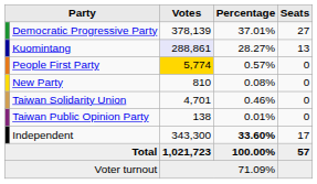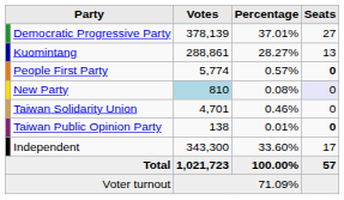 <table class="wikitable">
 <tr>
 <th style="background-color:#E9E9E9" colspan=2 style="width: 20em">Party</th>
 <th style="background-color:#E9E9E9" style="width: 7em">Votes</th>
 <th style="background-color:#E9E9E9" style="width: 7em">Percentage</th>
 <th style="background-color:#E9E9E9" style="width: 7em">Seats</th>
 </tr>
 <tr>
 <td bgcolor="#1B9431"></td>
 <td align=left><a href='#'>Democratic Progressive Party</a></td>
 <td align=right>378,139</td>
 <td align=right>37.01%</td>
 <td align=right>27</td>
 </tr>
 <tr>
 <td bgcolor="#000099"></td>
 <td align=left><a href='#'>Kuomintang</a></td>
-<td align=right style="background: lavender;">288,861</td>
+<td align=right>288,861</td>
 <td align=right>28.27%</td>
 <td align=right>13</td>
 </tr>
 <tr>
 <td bgcolor="#e77918"></td>
 <td align=left><a href='#'>People First Party</a></td>
-<td align=right style="background: gold;">5,774</td>
+<td align=right>5,774</td>
 <td align=right>0.57%</td>
-<td align=right>0</td>
+<td align=right><strong>0</strong></td>
 </tr>
 <tr>
 <td bgcolor="#fedb02"></td>
 <td align=left><a href='#'>New Party</a></td>
-<td align=right>810</td>
+<td align=right style="background: lightblue;">810</td>
 <td align=right>0.08%</td>
-<td align=right>0</td>
+<td align=right style="background: lavender;">0</td>
 </tr>
 <tr>
 <td bgcolor="#d09e51"></td>
 <td align=left><a href='#'>Taiwan Solidarity Union</a></td>
 <td align=right>4,701</td>
 <td align=right>0.46%</td>
 <td align=right>0</td>
 </tr>
 <tr>
 <td bgcolor="#82247a"></td>
 <td align=left><a href='#'>Taiwan Public Opinion Party</a></td>
 <td align=right>138</td>
 <td align=right>0.01%</td>
-<td align=right>0</td>
+<td align=right><strong>0</strong></td>
 </tr>
 <tr>
 <td bgcolor="#000000"></td>
 <td align=left>Independent</td>
 <td align=right>343,300</td>
-<td align=right><strong>33.60%</strong></td>
+<td align=right>33.60%</td>
 <td align=right>17</td>
 </tr>
 <tr bgcolor="#EEEEEE">
 <td colspan="2" align="right"><strong>Total</strong></td>
 <td align=right><strong>1,021,723</strong></td>
 <td align=right><strong>100.00%</strong></td>
 <td align=right><strong>57</strong></td>
 </tr>
 <tr bgcolor="#EEEEEE">
 <td colspan="2" align="right">Voter turnout</td>
 <td colspan="2" align="right">71.09%</td>
 <td></td>
 </tr>
 </table>
